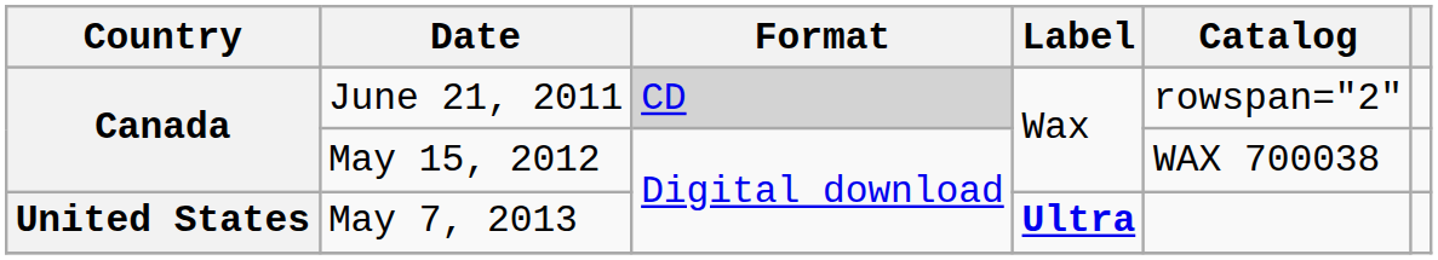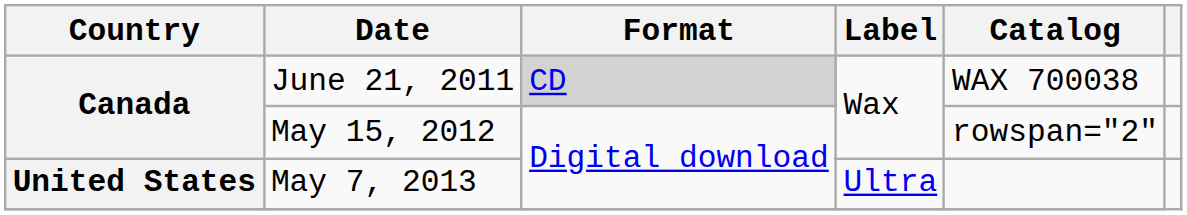 <table class="wikitable plainrowheaders">
 <tr>
 <th scope="col">Country</th>
 <th scope="col">Date</th>
 <th scope="col">Format</th>
 <th scope="col">Label</th>
 <th scope="col">Catalog </th>
 <th scope="col"></th>
 </tr>
 <tr>
 <th scope="row" rowspan="2">Canada</th>
 <td>June 21, 2011</td>
 <td style="background: lightgrey;"><a href='#'>CD</a></td>
 <td rowspan="2">Wax</td>
-<td>rowspan="2" </td>
+<td>WAX 700038</td>
 <td></td>
 </tr>
 <tr>
 <td>May 15, 2012</td>
 <td rowspan="2"><a href='#'>Digital download</a></td>
-<td>WAX 700038</td>
+<td>rowspan="2" </td>
 <td></td>
 </tr>
 <tr>
 <th scope="row">United States</th>
 <td>May 7, 2013</td>
-<td><strong><a href='#'>Ultra</a></strong></td>
+<td><a href='#'>Ultra</a></td>
 <td></td>
 </tr>
 <tr>
 </tr>
 </table>
